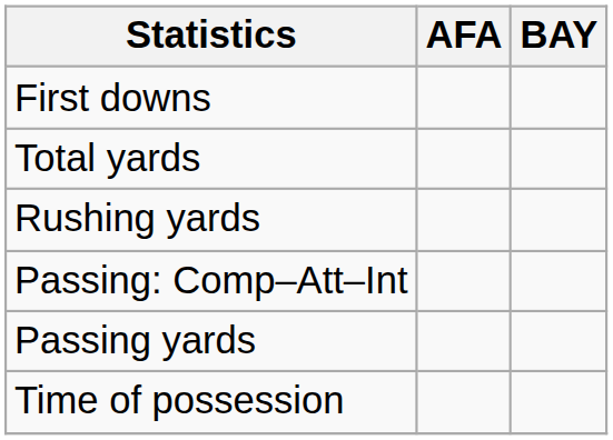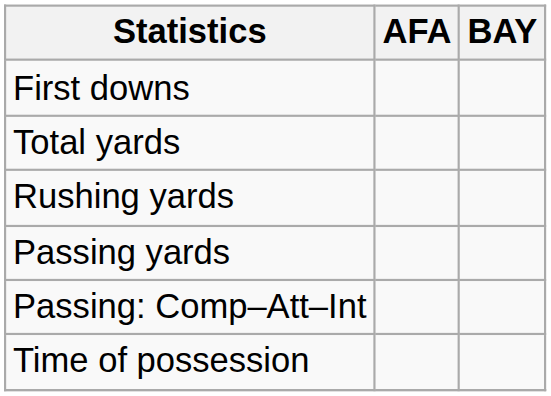 <table class="wikitable" style="float: left;">
 <tr>
 <th>Statistics</th>
 <th>AFA</th>
 <th>BAY</th>
 </tr>
 <tr>
 <td>First downs</td>
 <td></td>
 <td></td>
 </tr>
 <tr>
 <td>Total yards</td>
 <td></td>
 <td></td>
 </tr>
 <tr>
 <td>Rushing yards</td>
 <td></td>
 <td></td>
 </tr>
 <tr>
-<td>Passing: Comp–Att–Int</td>
+<td>Passing yards</td>
 <td></td>
 <td></td>
 </tr>
 <tr>
-<td>Passing yards</td>
+<td>Passing: Comp–Att–Int</td>
 <td></td>
 <td></td>
 </tr>
 <tr>
 <td>Time of possession</td>
 <td></td>
 <td></td>
 </tr>
 <tr>
 </tr>
 </table>
